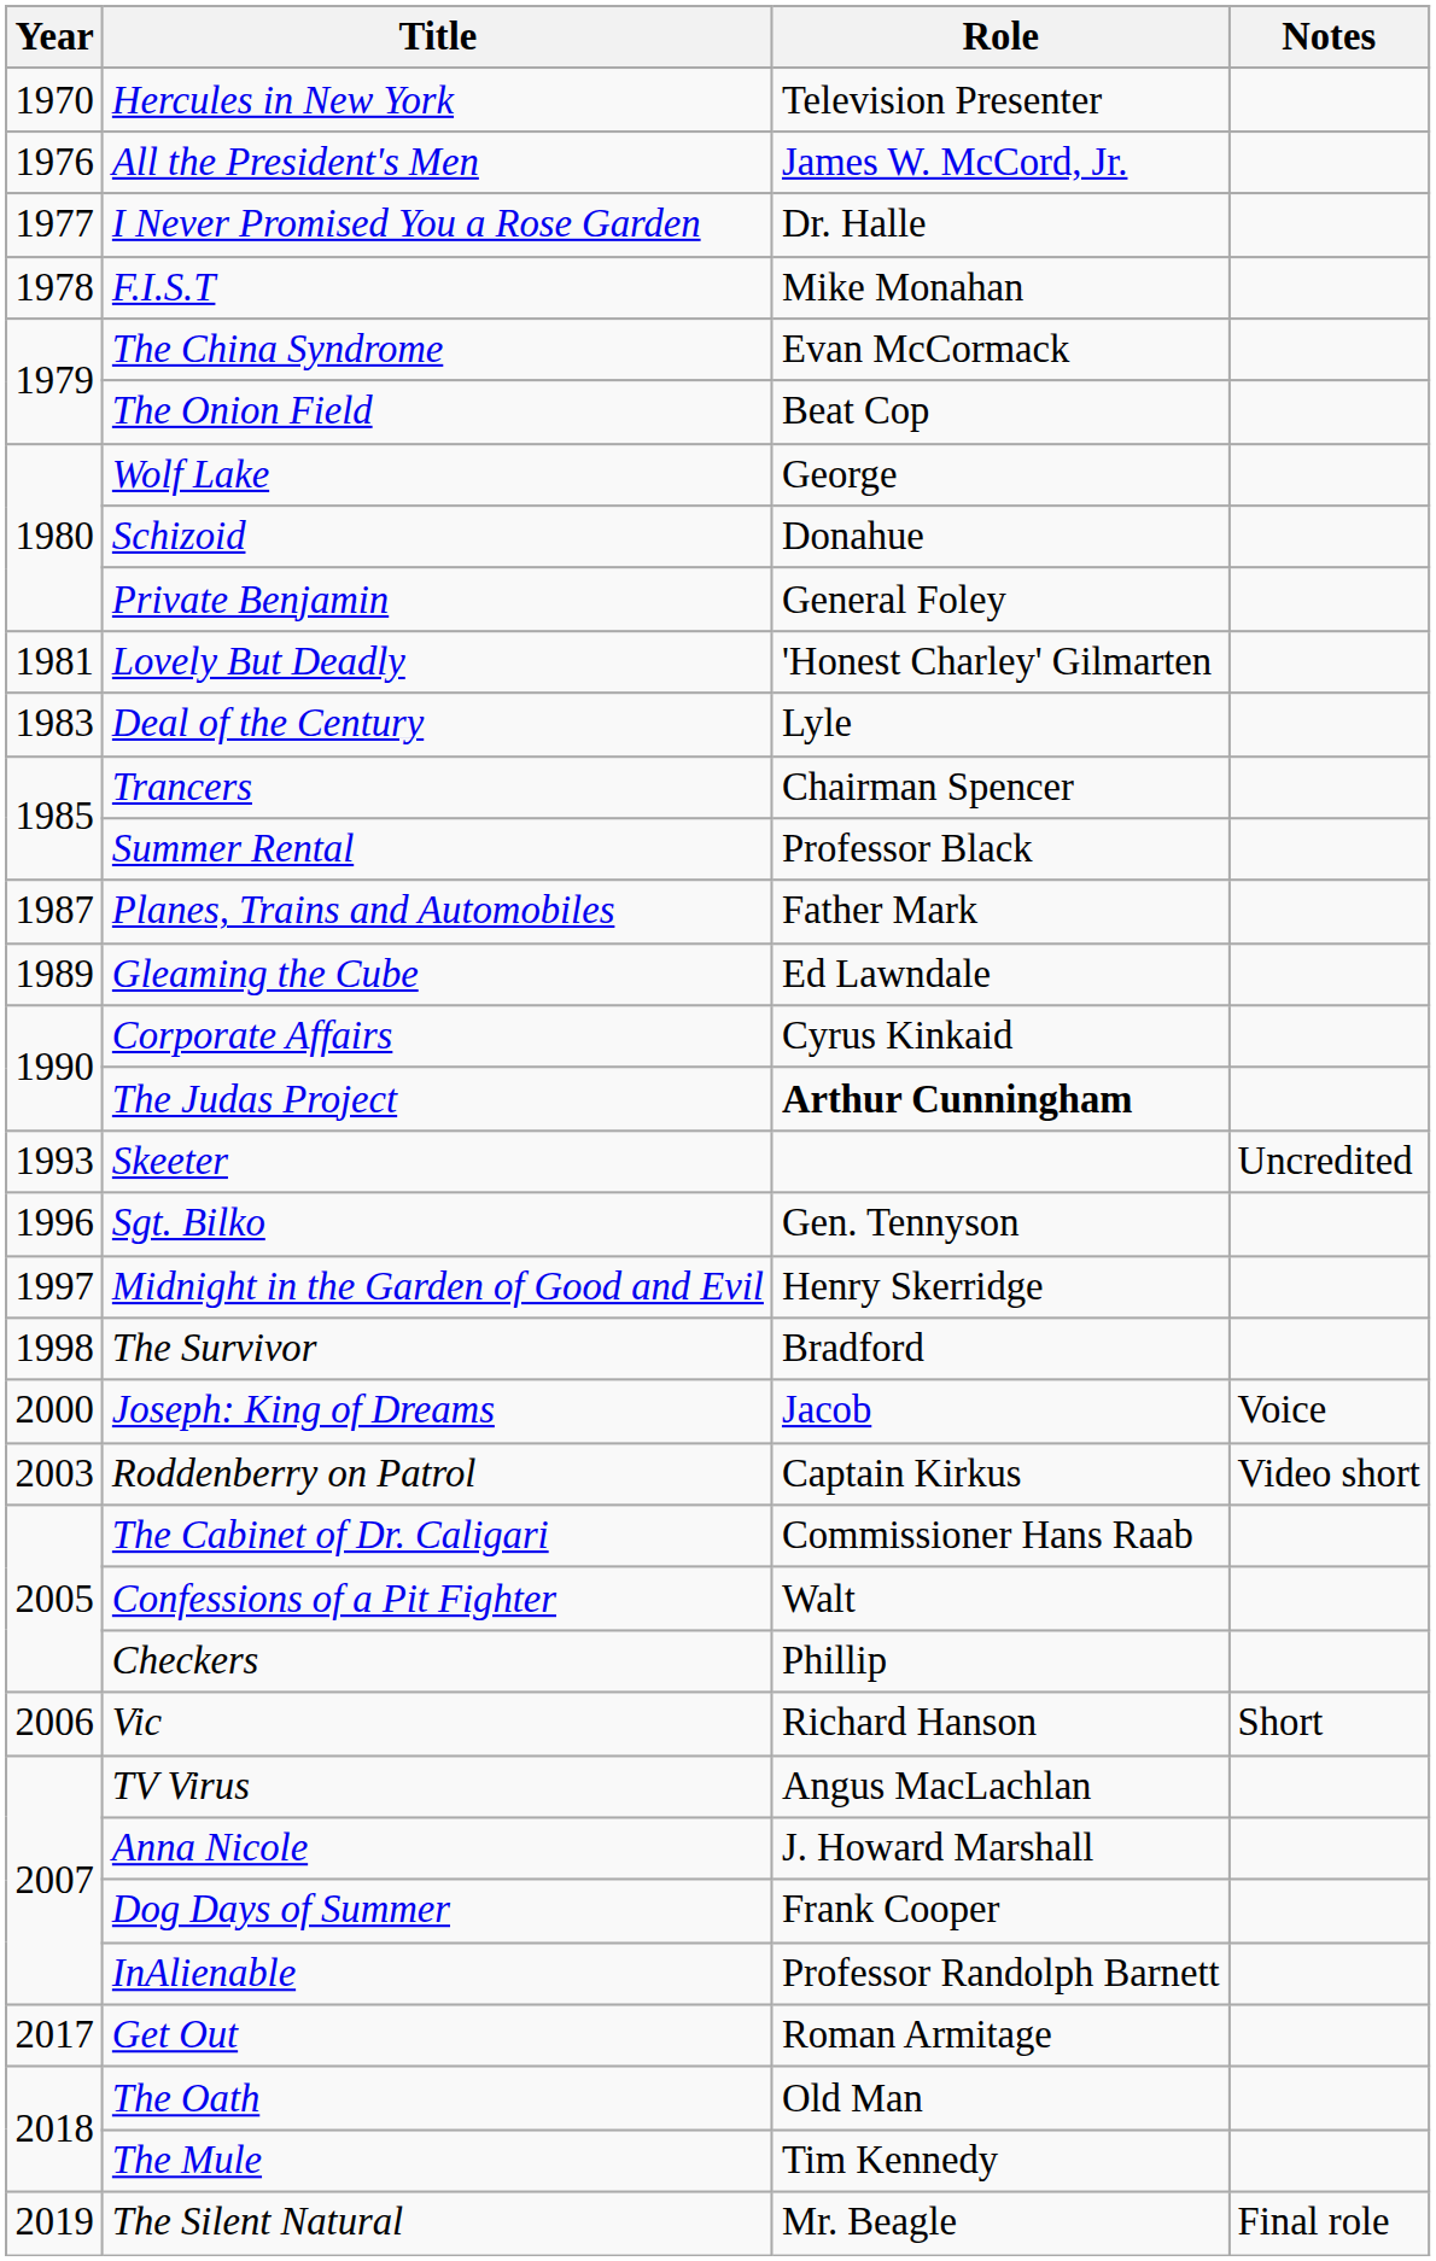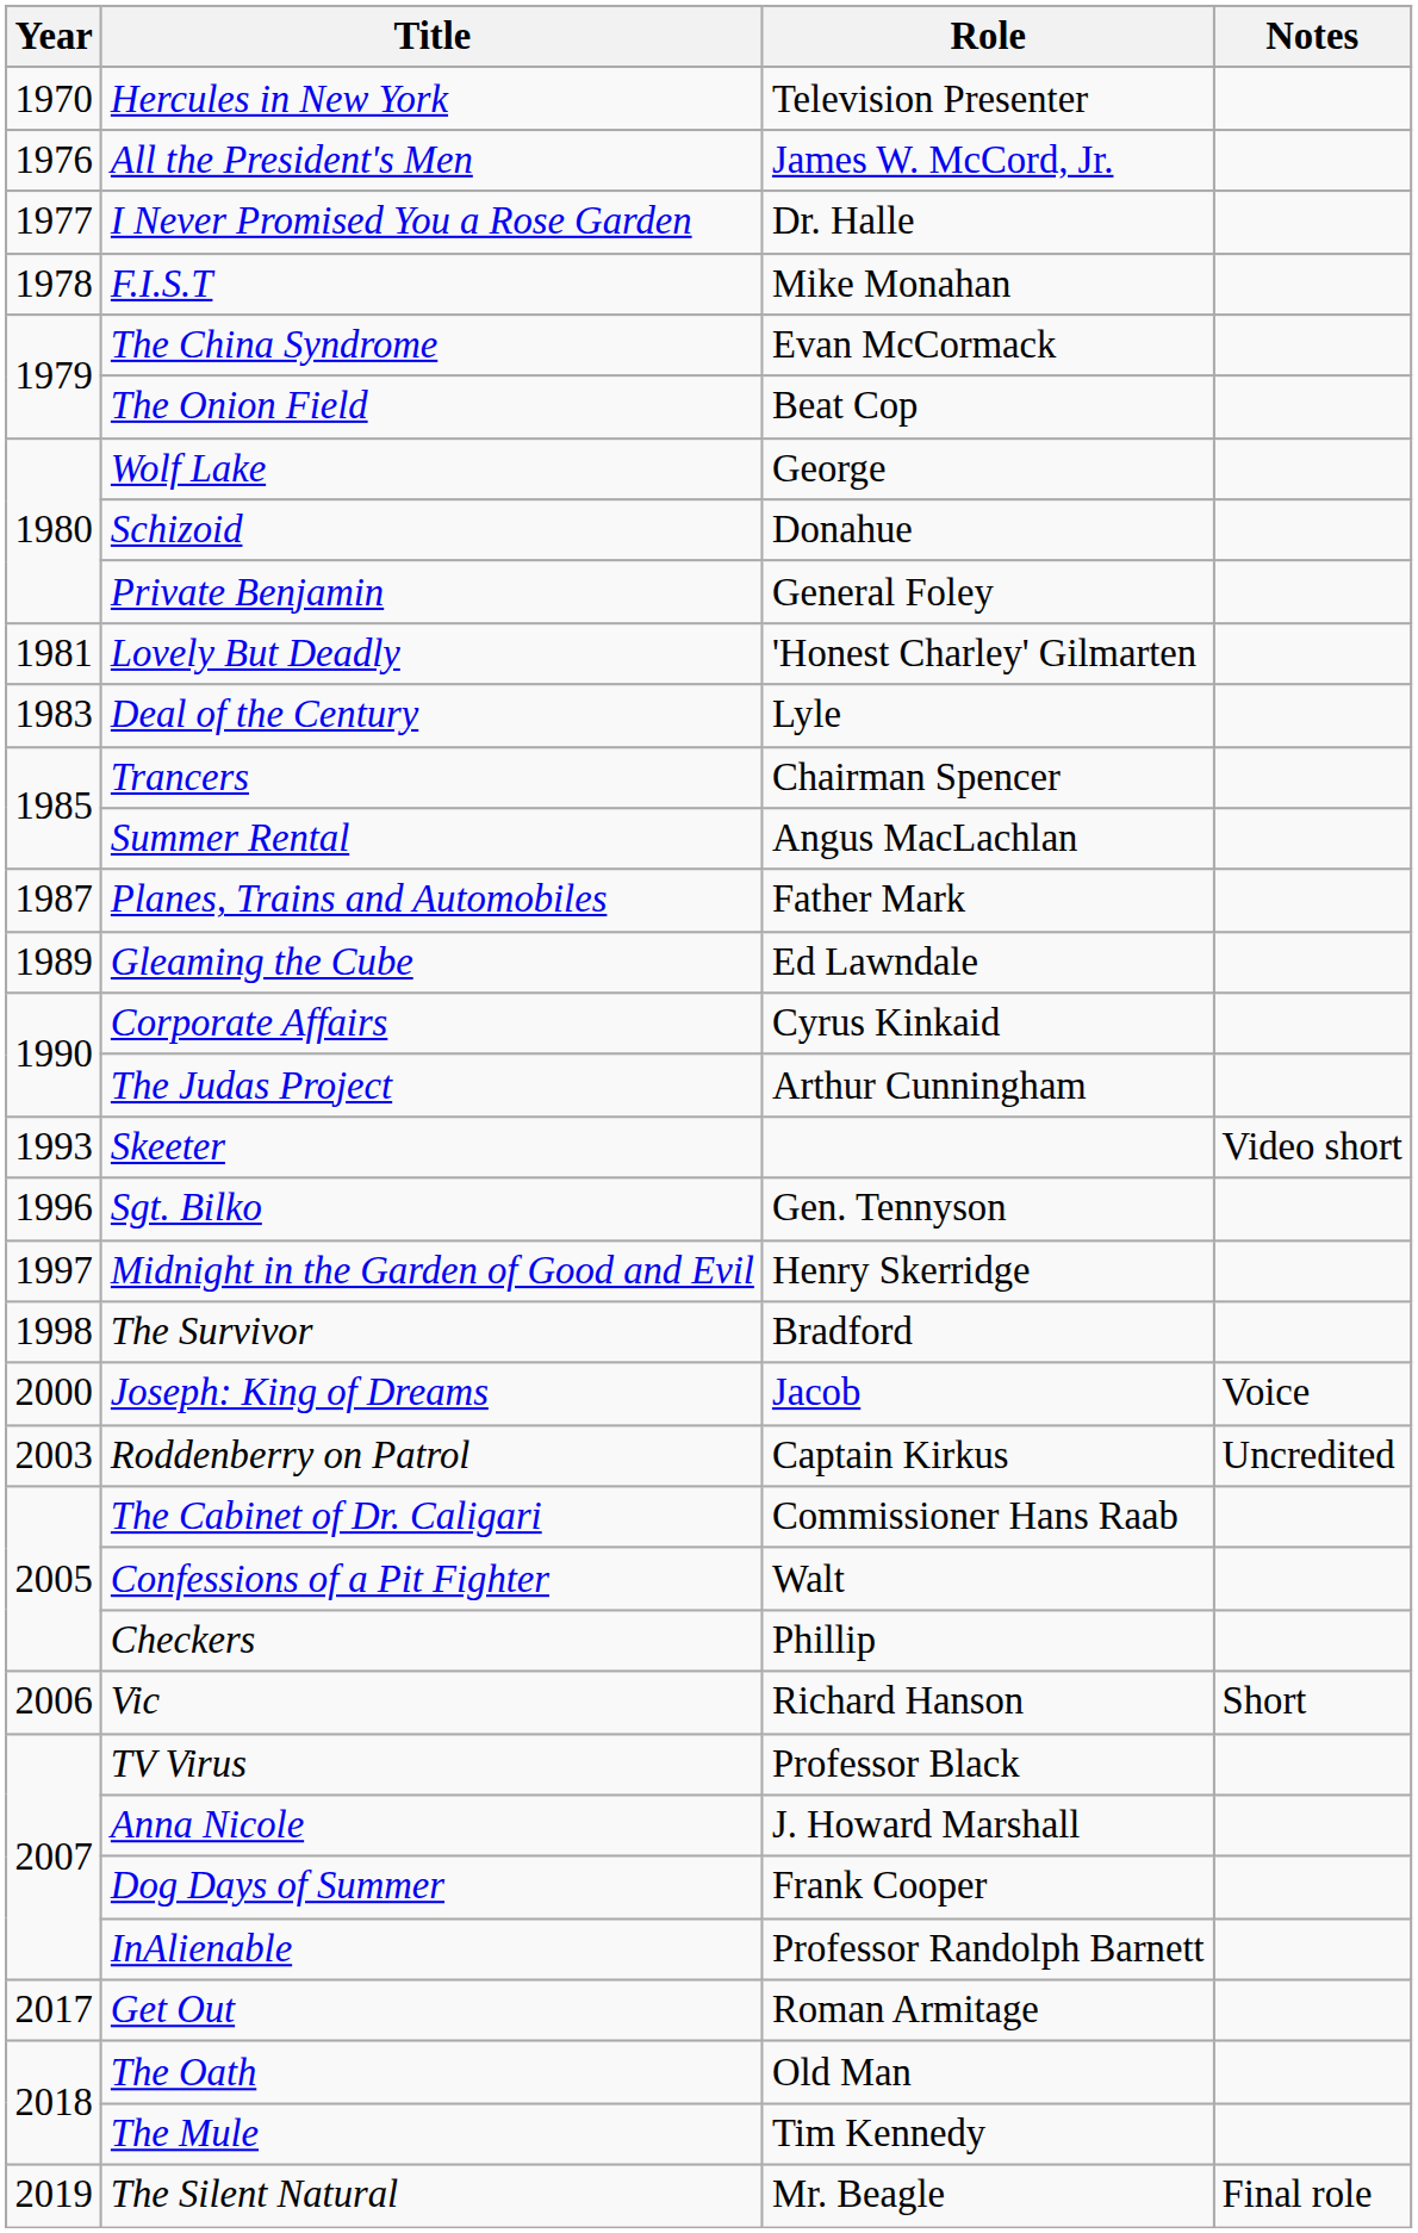 <table class="wikitable sortable">
 <tr>
 <th>Year</th>
 <th>Title</th>
 <th>Role</th>
 <th class="unsortable">Notes</th>
 </tr>
 <tr>
 <td>1970</td>
 <td><em><a href='#'>Hercules in New York</a></em></td>
 <td>Television Presenter</td>
 <td></td>
 </tr>
 <tr>
 <td>1976</td>
 <td><em><a href='#'>All the President's Men</a></em></td>
 <td><a href='#'>James W. McCord, Jr.</a></td>
 <td></td>
 </tr>
 <tr>
 <td>1977</td>
 <td><em><a href='#'>I Never Promised You a Rose Garden</a></em></td>
 <td>Dr. Halle</td>
 <td></td>
 </tr>
 <tr>
 <td>1978</td>
 <td><em><a href='#'>F.I.S.T</a></em></td>
 <td>Mike Monahan</td>
 <td></td>
 </tr>
 <tr>
 <td rowspan=2>1979</td>
 <td><em><a href='#'>The China Syndrome</a></em></td>
 <td>Evan McCormack</td>
 <td></td>
 </tr>
 <tr>
 <td><em><a href='#'>The Onion Field</a></em></td>
 <td>Beat Cop</td>
 <td></td>
 </tr>
 <tr>
 <td rowspan=3>1980</td>
 <td><em><a href='#'>Wolf Lake</a></em></td>
 <td>George</td>
 <td></td>
 </tr>
 <tr>
 <td><em><a href='#'>Schizoid</a></em></td>
 <td>Donahue</td>
 <td></td>
 </tr>
 <tr>
 <td><em><a href='#'>Private Benjamin</a></em></td>
 <td>General Foley</td>
 <td></td>
 </tr>
 <tr>
 <td>1981</td>
 <td><em><a href='#'>Lovely But Deadly</a></em></td>
 <td>'Honest Charley' Gilmarten</td>
 <td></td>
 </tr>
 <tr>
 <td>1983</td>
 <td><em><a href='#'>Deal of the Century</a></em></td>
 <td>Lyle</td>
 <td></td>
 </tr>
 <tr>
 <td rowspan=2>1985</td>
 <td><em><a href='#'>Trancers</a></em></td>
 <td>Chairman Spencer</td>
 <td></td>
 </tr>
 <tr>
 <td><em><a href='#'>Summer Rental</a></em></td>
-<td>Professor Black</td>
+<td>Angus MacLachlan</td>
 <td></td>
 </tr>
 <tr>
 <td>1987</td>
 <td><em><a href='#'>Planes, Trains and Automobiles</a></em></td>
 <td>Father Mark</td>
 <td></td>
 </tr>
 <tr>
 <td>1989</td>
 <td><em><a href='#'>Gleaming the Cube</a></em></td>
 <td>Ed Lawndale</td>
 <td></td>
 </tr>
 <tr>
 <td rowspan=2>1990</td>
 <td><em><a href='#'>Corporate Affairs</a></em></td>
 <td>Cyrus Kinkaid</td>
 <td></td>
 </tr>
 <tr>
 <td><em><a href='#'>The Judas Project</a></em></td>
-<td><strong>Arthur Cunningham</strong></td>
+<td>Arthur Cunningham</td>
 <td></td>
 </tr>
 <tr>
 <td>1993</td>
 <td><em><a href='#'>Skeeter</a></em></td>
 <td></td>
-<td>Uncredited</td>
+<td>Video short</td>
 </tr>
 <tr>
 <td>1996</td>
 <td><em><a href='#'>Sgt. Bilko</a></em></td>
 <td>Gen. Tennyson</td>
 <td></td>
 </tr>
 <tr>
 <td>1997</td>
 <td><em><a href='#'>Midnight in the Garden of Good and Evil</a></em></td>
 <td>Henry Skerridge</td>
 <td></td>
 </tr>
 <tr>
 <td>1998</td>
 <td><em>The Survivor</em></td>
 <td>Bradford</td>
 <td></td>
 </tr>
 <tr>
 <td>2000</td>
 <td><em><a href='#'>Joseph: King of Dreams</a></em></td>
 <td><a href='#'>Jacob</a></td>
 <td>Voice</td>
 </tr>
 <tr>
 <td>2003</td>
 <td><em>Roddenberry on Patrol</em></td>
 <td>Captain Kirkus</td>
-<td>Video short</td>
+<td>Uncredited</td>
 </tr>
 <tr>
 <td rowspan=3>2005</td>
 <td><em><a href='#'>The Cabinet of Dr. Caligari</a></em></td>
 <td>Commissioner Hans Raab</td>
 <td></td>
 </tr>
 <tr>
 <td><em><a href='#'>Confessions of a Pit Fighter</a></em></td>
 <td>Walt</td>
 <td></td>
 </tr>
 <tr>
 <td><em>Checkers</em></td>
 <td>Phillip</td>
 <td></td>
 </tr>
 <tr>
 <td>2006</td>
 <td><em>Vic</em></td>
 <td>Richard Hanson</td>
 <td>Short</td>
 </tr>
 <tr>
 <td rowspan=4>2007</td>
 <td><em>TV Virus</em></td>
-<td>Angus MacLachlan</td>
+<td>Professor Black</td>
 <td></td>
 </tr>
 <tr>
 <td><em><a href='#'>Anna Nicole</a></em></td>
 <td>J. Howard Marshall</td>
 <td></td>
 </tr>
 <tr>
 <td><em><a href='#'>Dog Days of Summer</a></em></td>
 <td>Frank Cooper</td>
 <td></td>
 </tr>
 <tr>
 <td><em><a href='#'>InAlienable</a></em></td>
 <td>Professor Randolph Barnett</td>
 <td></td>
 </tr>
 <tr>
 <td>2017</td>
 <td><em><a href='#'>Get Out</a></em></td>
 <td>Roman Armitage</td>
 <td></td>
 </tr>
 <tr>
 <td rowspan=2>2018</td>
 <td><em><a href='#'>The Oath</a></em></td>
 <td>Old Man</td>
 <td></td>
 </tr>
 <tr>
 <td><em><a href='#'>The Mule</a></em></td>
 <td>Tim Kennedy</td>
 <td></td>
 </tr>
 <tr>
 <td>2019</td>
 <td><em>The Silent Natural</em></td>
 <td>Mr. Beagle</td>
 <td>Final role</td>
 </tr>
 </table>
